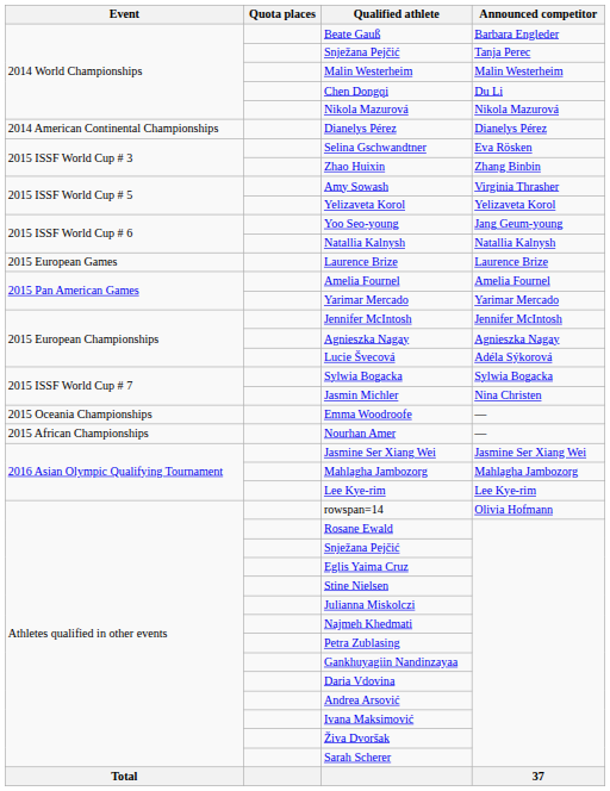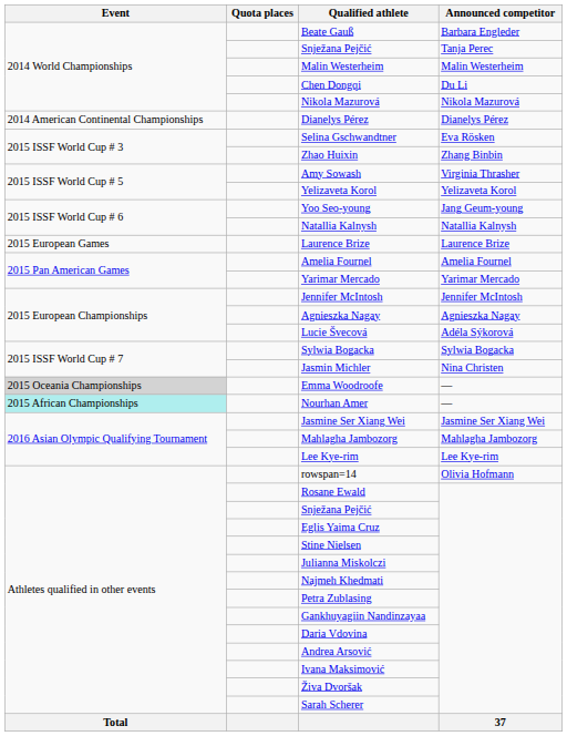 <table class=wikitable style="text-align:left" width=800>
 <tr>
 <th>Event</th>
 <th>Quota places</th>
 <th>Qualified athlete</th>
 <th>Announced competitor</th>
 </tr>
 <tr>
 <td rowspan="5">2014 World Championships</td>
 <td></td>
 <td><a href='#'>Beate Gauß</a></td>
 <td><a href='#'>Barbara Engleder</a></td>
 </tr>
 <tr>
 <td></td>
 <td><a href='#'>Snježana Pejčić</a></td>
 <td><a href='#'>Tanja Perec</a></td>
 </tr>
 <tr>
 <td></td>
 <td><a href='#'>Malin Westerheim</a></td>
 <td><a href='#'>Malin Westerheim</a></td>
 </tr>
 <tr>
 <td></td>
 <td><a href='#'>Chen Dongqi</a></td>
 <td><a href='#'>Du Li</a></td>
 </tr>
 <tr>
 <td></td>
 <td><a href='#'>Nikola Mazurová</a></td>
 <td><a href='#'>Nikola Mazurová</a></td>
 </tr>
 <tr>
 <td>2014 American Continental Championships</td>
 <td></td>
 <td><a href='#'>Dianelys Pérez</a></td>
 <td><a href='#'>Dianelys Pérez</a></td>
 </tr>
 <tr>
 <td rowspan="2">2015 ISSF World Cup # 3</td>
 <td></td>
 <td><a href='#'>Selina Gschwandtner</a></td>
 <td><a href='#'>Eva Rösken</a></td>
 </tr>
 <tr>
 <td></td>
 <td><a href='#'>Zhao Huixin</a></td>
 <td><a href='#'>Zhang Binbin</a></td>
 </tr>
 <tr>
 <td rowspan="2">2015 ISSF World Cup # 5</td>
 <td></td>
 <td><a href='#'>Amy Sowash</a></td>
 <td><a href='#'>Virginia Thrasher</a></td>
 </tr>
 <tr>
 <td></td>
 <td><a href='#'>Yelizaveta Korol</a></td>
 <td><a href='#'>Yelizaveta Korol</a></td>
 </tr>
 <tr>
 <td rowspan="2">2015 ISSF World Cup # 6</td>
 <td></td>
 <td><a href='#'>Yoo Seo-young</a></td>
 <td><a href='#'>Jang Geum-young</a></td>
 </tr>
 <tr>
 <td></td>
 <td><a href='#'>Natallia Kalnysh</a></td>
 <td><a href='#'>Natallia Kalnysh</a></td>
 </tr>
 <tr>
 <td rowspan="1">2015 European Games</td>
 <td></td>
 <td><a href='#'>Laurence Brize</a></td>
 <td><a href='#'>Laurence Brize</a></td>
 </tr>
 <tr>
 <td rowspan="2"><a href='#'>2015 Pan American Games</a></td>
 <td></td>
 <td><a href='#'>Amelia Fournel</a></td>
 <td><a href='#'>Amelia Fournel</a></td>
 </tr>
 <tr>
 <td></td>
 <td><a href='#'>Yarimar Mercado</a></td>
 <td><a href='#'>Yarimar Mercado</a></td>
 </tr>
 <tr>
 <td rowspan="3">2015 European Championships</td>
 <td></td>
 <td><a href='#'>Jennifer McIntosh</a></td>
 <td><a href='#'>Jennifer McIntosh</a></td>
 </tr>
 <tr>
 <td></td>
 <td><a href='#'>Agnieszka Nagay</a></td>
 <td><a href='#'>Agnieszka Nagay</a></td>
 </tr>
 <tr>
 <td></td>
 <td><a href='#'>Lucie Švecová</a></td>
 <td><a href='#'>Adéla Sýkorová</a></td>
 </tr>
 <tr>
 <td rowspan="2">2015 ISSF World Cup # 7</td>
 <td></td>
 <td><a href='#'>Sylwia Bogacka</a></td>
 <td><a href='#'>Sylwia Bogacka</a></td>
 </tr>
 <tr>
 <td></td>
 <td><a href='#'>Jasmin Michler</a></td>
 <td><a href='#'>Nina Christen</a></td>
 </tr>
 <tr>
-<td rowspan="1">2015 Oceania Championships</td>
+<td rowspan="1" style="background: lightgrey;">2015 Oceania Championships</td>
 <td></td>
 <td><a href='#'>Emma Woodroofe</a></td>
 <td>—</td>
 </tr>
 <tr>
-<td rowspan="1">2015 African Championships</td>
+<td rowspan="1" style="background: paleturquoise;">2015 African Championships</td>
 <td></td>
 <td><a href='#'>Nourhan Amer</a></td>
 <td>—</td>
 </tr>
 <tr>
 <td rowspan="3"><a href='#'>2016 Asian Olympic Qualifying Tournament</a></td>
 <td></td>
 <td><a href='#'>Jasmine Ser Xiang Wei</a></td>
 <td><a href='#'>Jasmine Ser Xiang Wei</a></td>
 </tr>
 <tr>
 <td></td>
 <td><a href='#'>Mahlagha Jambozorg</a></td>
 <td><a href='#'>Mahlagha Jambozorg</a></td>
 </tr>
 <tr>
 <td></td>
 <td><a href='#'>Lee Kye-rim</a></td>
 <td><a href='#'>Lee Kye-rim</a></td>
 </tr>
 <tr>
 <td rowspan=14>Athletes qualified in other events</td>
 <td></td>
 <td>rowspan=14 </td>
 <td><a href='#'>Olivia Hofmann</a></td>
 </tr>
 <tr>
 <td></td>
 <td><a href='#'>Rosane Ewald</a></td>
 </tr>
 <tr>
 <td></td>
 <td><a href='#'>Snježana Pejčić</a></td>
 </tr>
 <tr>
 <td></td>
 <td><a href='#'>Eglis Yaima Cruz</a></td>
 </tr>
 <tr>
 <td></td>
 <td><a href='#'>Stine Nielsen</a></td>
 </tr>
 <tr>
 <td></td>
 <td><a href='#'>Julianna Miskolczi</a></td>
 </tr>
 <tr>
 <td></td>
 <td><a href='#'>Najmeh Khedmati</a></td>
 </tr>
 <tr>
 <td></td>
 <td><a href='#'>Petra Zublasing</a></td>
 </tr>
 <tr>
 <td></td>
 <td><a href='#'>Gankhuyagiin Nandinzayaa</a></td>
 </tr>
 <tr>
 <td></td>
 <td><a href='#'>Daria Vdovina</a></td>
 </tr>
 <tr>
 <td></td>
 <td><a href='#'>Andrea Arsović</a></td>
 </tr>
 <tr>
 <td></td>
 <td><a href='#'>Ivana Maksimović</a></td>
 </tr>
 <tr>
 <td></td>
 <td><a href='#'>Živa Dvoršak</a></td>
 </tr>
 <tr>
 <td></td>
 <td><a href='#'>Sarah Scherer</a></td>
 </tr>
 <tr>
 <th>Total</th>
 <th></th>
 <th></th>
 <th>37</th>
 </tr>
 </table>
